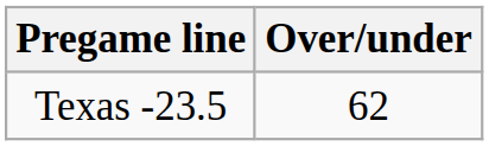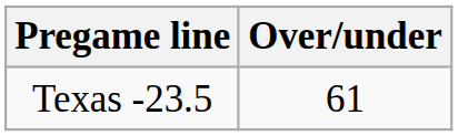 <table class="wikitable" style="margin-left: auto; margin-right: auto; border: none; display: inline-table;">
 <tr align="center">
 <th style=>Pregame line</th>
 <th style=>Over/under</th>
 </tr>
 <tr align="center">
 <td>Texas -23.5</td>
-<td>62</td>
+<td>61</td>
 </tr>
 </table>
